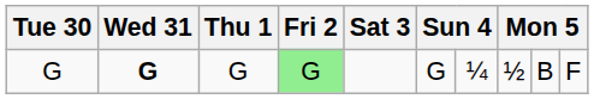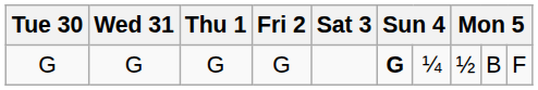 <table class="wikitable" style="margin:0.5em auto; font-size:90%; line-height:1.25em;">
 <tr>
 <th>Tue 30</th>
 <th>Wed 31</th>
 <th>Thu 1</th>
 <th>Fri 2</th>
 <th>Sat 3</th>
 <th colspan="2">Sun 4</th>
 <th colspan="3">Mon 5</th>
 </tr>
 <tr align="center">
 <td class="team-group">G</td>
+<td class="team-group">G</td>
+<td class="team-group">G</td>
+<td class="team-group">G</td>
+<td></td>
 <td class="team-group"><strong>G</strong></td>
-<td class="team-group">G</td>
-<td class="team-group" style="background: lightgreen;">G</td>
-<td></td>
-<td class="team-group">G</td>
 <td class="team-qf">¼</td>
 <td class="team-sf">½</td>
 <td class="team-bronze">B</td>
 <td class="team-final">F</td>
 </tr>
 </table>
